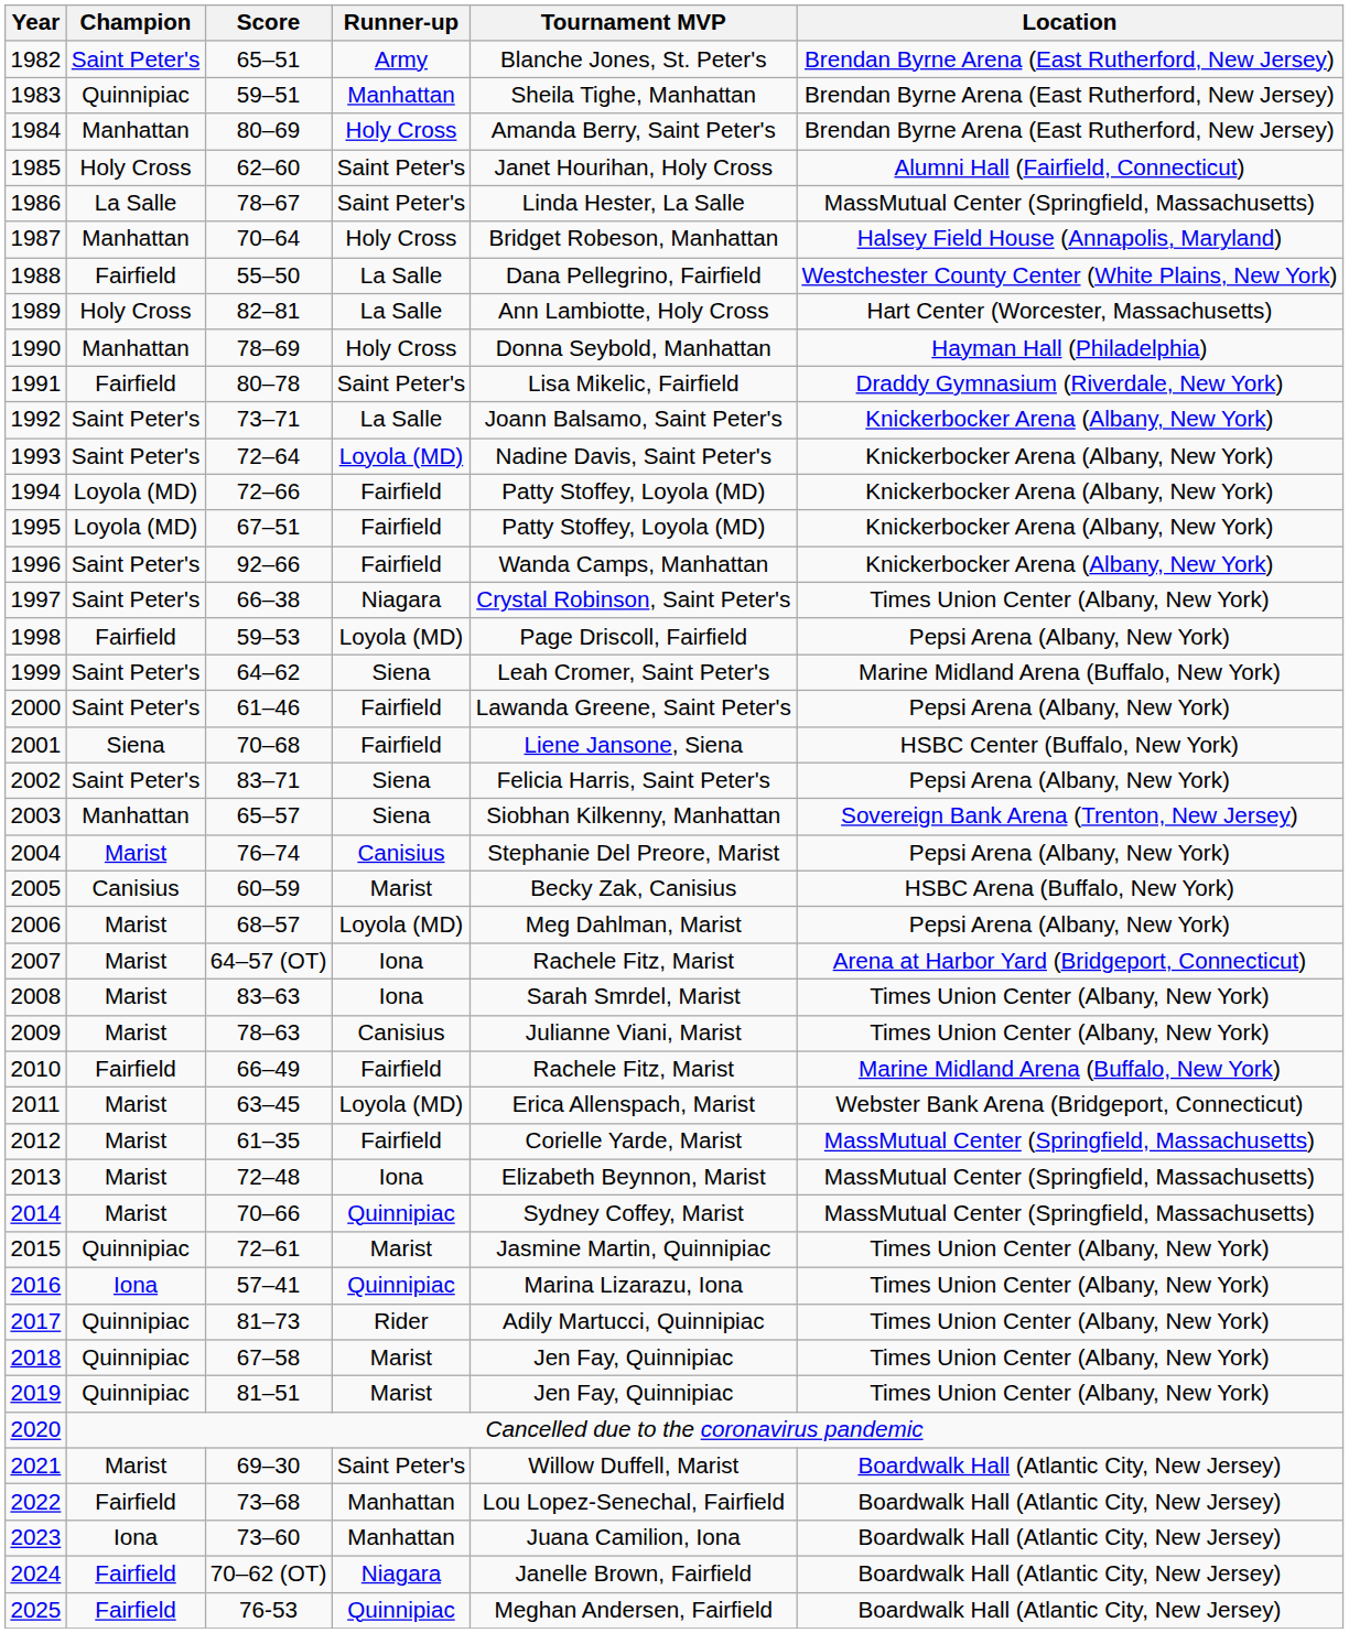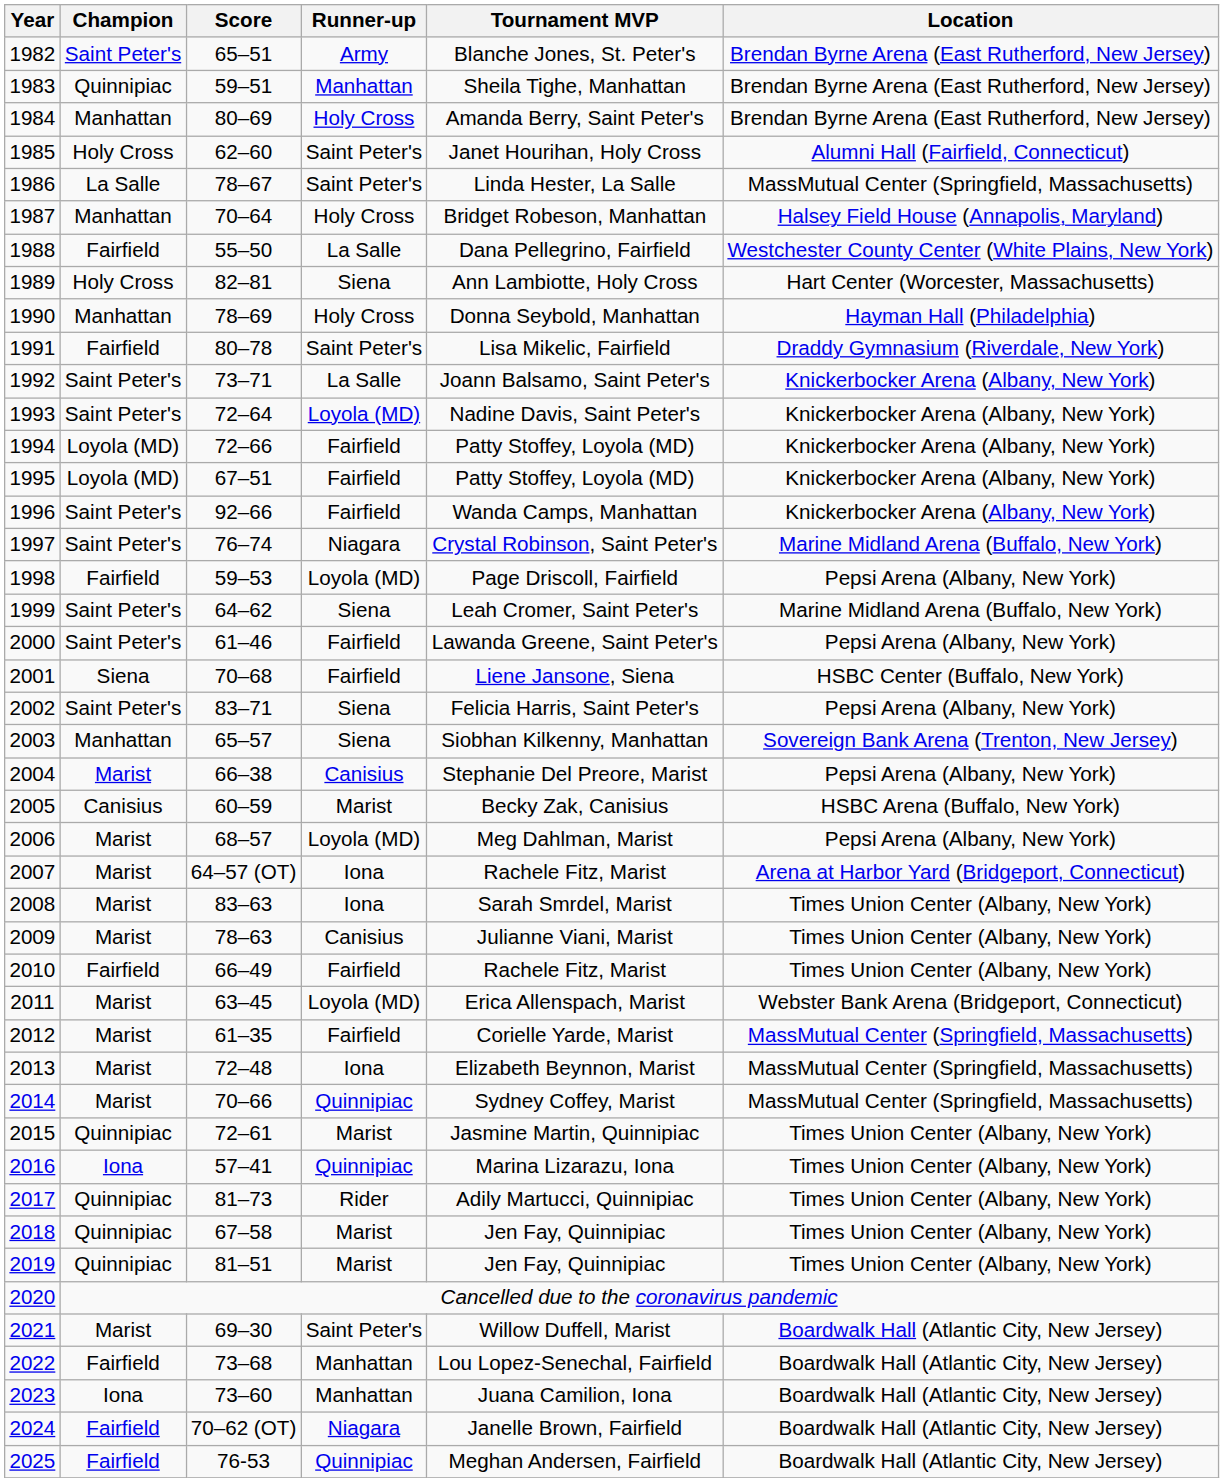 <table class="wikitable sortable" style="text-align:center">
 <tr>
 <th width=px>Year</th>
 <th width=px>Champion</th>
 <th width=px>Score</th>
 <th width=px>Runner-up</th>
 <th width=px>Tournament MVP</th>
 <th width=px>Location</th>
 </tr>
 <tr>
 <td>1982</td>
 <td><a href='#'>Saint Peter's</a></td>
 <td>65–51</td>
 <td><a href='#'>Army</a></td>
 <td>Blanche Jones, St. Peter's</td>
 <td><a href='#'>Brendan Byrne Arena</a> (<a href='#'>East Rutherford, New Jersey</a>)</td>
 </tr>
 <tr>
 <td>1983</td>
 <td>Quinnipiac</td>
 <td>59–51</td>
 <td><a href='#'>Manhattan</a></td>
 <td>Sheila Tighe, Manhattan</td>
 <td>Brendan Byrne Arena (East Rutherford, New Jersey)</td>
 </tr>
 <tr>
 <td>1984</td>
 <td>Manhattan</td>
 <td>80–69</td>
 <td><a href='#'>Holy Cross</a></td>
 <td>Amanda Berry, Saint Peter's</td>
 <td>Brendan Byrne Arena (East Rutherford, New Jersey)</td>
 </tr>
 <tr>
 <td>1985</td>
 <td>Holy Cross</td>
 <td>62–60</td>
 <td>Saint Peter's</td>
 <td>Janet Hourihan, Holy Cross</td>
 <td><a href='#'>Alumni Hall</a> (<a href='#'>Fairfield, Connecticut</a>)</td>
 </tr>
 <tr>
 <td>1986</td>
 <td>La Salle</td>
 <td>78–67</td>
 <td>Saint Peter's</td>
 <td>Linda Hester, La Salle</td>
 <td>MassMutual Center (Springfield, Massachusetts)</td>
 </tr>
 <tr>
 <td>1987</td>
 <td>Manhattan</td>
 <td>70–64</td>
 <td>Holy Cross</td>
 <td>Bridget Robeson, Manhattan</td>
 <td><a href='#'>Halsey Field House</a> (<a href='#'>Annapolis, Maryland</a>)</td>
 </tr>
 <tr>
 <td>1988</td>
 <td>Fairfield</td>
 <td>55–50</td>
 <td>La Salle</td>
 <td>Dana Pellegrino, Fairfield</td>
 <td><a href='#'>Westchester County Center</a> (<a href='#'>White Plains, New York</a>)</td>
 </tr>
 <tr>
 <td>1989</td>
 <td>Holy Cross</td>
 <td>82–81</td>
-<td>La Salle</td>
+<td>Siena</td>
 <td>Ann Lambiotte, Holy Cross</td>
 <td>Hart Center (Worcester, Massachusetts)</td>
 </tr>
 <tr>
 <td>1990</td>
 <td>Manhattan</td>
 <td>78–69</td>
 <td>Holy Cross</td>
 <td>Donna Seybold, Manhattan</td>
 <td><a href='#'>Hayman Hall</a> (<a href='#'>Philadelphia</a>)</td>
 </tr>
 <tr>
 <td>1991</td>
 <td>Fairfield</td>
 <td>80–78</td>
 <td>Saint Peter's</td>
 <td>Lisa Mikelic, Fairfield</td>
 <td><a href='#'>Draddy Gymnasium</a> (<a href='#'>Riverdale, New York</a>)</td>
 </tr>
 <tr>
 <td>1992</td>
 <td>Saint Peter's</td>
 <td>73–71</td>
 <td>La Salle</td>
 <td>Joann Balsamo, Saint Peter's</td>
 <td><a href='#'>Knickerbocker Arena</a> (<a href='#'>Albany, New York</a>)</td>
 </tr>
 <tr>
 <td>1993</td>
 <td>Saint Peter's</td>
 <td>72–64</td>
 <td><a href='#'>Loyola (MD)</a></td>
 <td>Nadine Davis, Saint Peter's</td>
 <td>Knickerbocker Arena (Albany, New York)</td>
 </tr>
 <tr>
 <td>1994</td>
 <td>Loyola (MD)</td>
 <td>72–66</td>
 <td>Fairfield</td>
 <td>Patty Stoffey, Loyola (MD)</td>
 <td>Knickerbocker Arena (Albany, New York)</td>
 </tr>
 <tr>
 <td>1995</td>
 <td>Loyola (MD)</td>
 <td>67–51</td>
 <td>Fairfield</td>
 <td>Patty Stoffey, Loyola (MD)</td>
 <td>Knickerbocker Arena (Albany, New York)</td>
 </tr>
 <tr>
 <td>1996</td>
 <td>Saint Peter's</td>
 <td>92–66</td>
 <td>Fairfield</td>
 <td>Wanda Camps, Manhattan</td>
 <td>Knickerbocker Arena (<a href='#'>Albany, New York</a>)</td>
 </tr>
 <tr>
 <td>1997</td>
 <td>Saint Peter's</td>
-<td>66–38</td>
+<td>76–74</td>
 <td>Niagara</td>
 <td><a href='#'>Crystal Robinson</a>, Saint Peter's</td>
-<td>Times Union Center (Albany, New York)</td>
+<td><a href='#'>Marine Midland Arena</a> (<a href='#'>Buffalo, New York</a>)</td>
 </tr>
 <tr>
 <td>1998</td>
 <td>Fairfield</td>
 <td>59–53</td>
 <td>Loyola (MD)</td>
 <td>Page Driscoll, Fairfield</td>
 <td>Pepsi Arena (Albany, New York)</td>
 </tr>
 <tr>
 <td>1999</td>
 <td>Saint Peter's</td>
 <td>64–62</td>
 <td>Siena</td>
 <td>Leah Cromer, Saint Peter's</td>
 <td>Marine Midland Arena (Buffalo, New York)</td>
 </tr>
 <tr>
 <td>2000</td>
 <td>Saint Peter's</td>
 <td>61–46</td>
 <td>Fairfield</td>
 <td>Lawanda Greene, Saint Peter's</td>
 <td>Pepsi Arena (Albany, New York)</td>
 </tr>
 <tr>
 <td>2001</td>
 <td>Siena</td>
 <td>70–68</td>
 <td>Fairfield</td>
 <td><a href='#'>Liene Jansone</a>, Siena</td>
 <td>HSBC Center (Buffalo, New York)</td>
 </tr>
 <tr>
 <td>2002</td>
 <td>Saint Peter's</td>
 <td>83–71</td>
 <td>Siena</td>
 <td>Felicia Harris, Saint Peter's</td>
 <td>Pepsi Arena (Albany, New York)</td>
 </tr>
 <tr>
 <td>2003</td>
 <td>Manhattan</td>
 <td>65–57</td>
 <td>Siena</td>
 <td>Siobhan Kilkenny, Manhattan</td>
 <td><a href='#'>Sovereign Bank Arena</a> (<a href='#'>Trenton, New Jersey</a>)</td>
 </tr>
 <tr>
 <td>2004</td>
 <td><a href='#'>Marist</a></td>
-<td>76–74</td>
+<td>66–38</td>
 <td><a href='#'>Canisius</a></td>
 <td>Stephanie Del Preore, Marist</td>
 <td>Pepsi Arena (Albany, New York)</td>
 </tr>
 <tr>
 <td>2005</td>
 <td>Canisius</td>
 <td>60–59</td>
 <td>Marist</td>
 <td>Becky Zak, Canisius</td>
 <td>HSBC Arena (Buffalo, New York)</td>
 </tr>
 <tr>
 <td>2006</td>
 <td>Marist</td>
 <td>68–57</td>
 <td>Loyola (MD)</td>
 <td>Meg Dahlman, Marist</td>
 <td>Pepsi Arena (Albany, New York)</td>
 </tr>
 <tr>
 <td>2007</td>
 <td>Marist</td>
 <td>64–57 (OT)</td>
 <td>Iona</td>
 <td>Rachele Fitz, Marist</td>
 <td><a href='#'>Arena at Harbor Yard</a> (<a href='#'>Bridgeport, Connecticut</a>)</td>
 </tr>
 <tr>
 <td>2008</td>
 <td>Marist</td>
 <td>83–63</td>
 <td>Iona</td>
 <td>Sarah Smrdel, Marist</td>
 <td>Times Union Center (Albany, New York)</td>
 </tr>
 <tr>
 <td>2009</td>
 <td>Marist</td>
 <td>78–63</td>
 <td>Canisius</td>
 <td>Julianne Viani, Marist</td>
 <td>Times Union Center (Albany, New York)</td>
 </tr>
 <tr>
 <td>2010</td>
 <td>Fairfield</td>
 <td>66–49</td>
 <td>Fairfield</td>
 <td>Rachele Fitz, Marist</td>
-<td><a href='#'>Marine Midland Arena</a> (<a href='#'>Buffalo, New York</a>)</td>
+<td>Times Union Center (Albany, New York)</td>
 </tr>
 <tr>
 <td>2011</td>
 <td>Marist</td>
 <td>63–45</td>
 <td>Loyola (MD)</td>
 <td>Erica Allenspach, Marist</td>
 <td>Webster Bank Arena (Bridgeport, Connecticut)</td>
 </tr>
 <tr>
 <td>2012</td>
 <td>Marist</td>
 <td>61–35</td>
 <td>Fairfield</td>
 <td>Corielle Yarde, Marist</td>
 <td><a href='#'>MassMutual Center</a> (<a href='#'>Springfield, Massachusetts</a>)</td>
 </tr>
 <tr>
 <td>2013</td>
 <td>Marist</td>
 <td>72–48</td>
 <td>Iona</td>
 <td>Elizabeth Beynnon, Marist</td>
 <td>MassMutual Center (Springfield, Massachusetts)</td>
 </tr>
 <tr>
 <td><a href='#'>2014</a></td>
 <td>Marist</td>
 <td>70–66</td>
 <td><a href='#'>Quinnipiac</a></td>
 <td>Sydney Coffey, Marist</td>
 <td>MassMutual Center (Springfield, Massachusetts)</td>
 </tr>
 <tr>
 <td>2015</td>
 <td>Quinnipiac</td>
 <td>72–61</td>
 <td>Marist</td>
 <td>Jasmine Martin, Quinnipiac</td>
 <td>Times Union Center (Albany, New York)</td>
 </tr>
 <tr>
 <td><a href='#'>2016</a></td>
 <td><a href='#'>Iona</a></td>
 <td>57–41</td>
 <td><a href='#'>Quinnipiac</a></td>
 <td>Marina Lizarazu, Iona</td>
 <td>Times Union Center (Albany, New York)</td>
 </tr>
 <tr>
 <td><a href='#'>2017</a></td>
 <td>Quinnipiac</td>
 <td>81–73</td>
 <td>Rider</td>
 <td>Adily Martucci, Quinnipiac</td>
 <td>Times Union Center (Albany, New York)</td>
 </tr>
 <tr>
 <td><a href='#'>2018</a></td>
 <td>Quinnipiac</td>
 <td>67–58</td>
 <td>Marist</td>
 <td>Jen Fay, Quinnipiac</td>
 <td>Times Union Center (Albany, New York)</td>
 </tr>
 <tr>
 <td><a href='#'>2019</a></td>
 <td>Quinnipiac</td>
 <td>81–51</td>
 <td>Marist</td>
 <td>Jen Fay, Quinnipiac</td>
 <td>Times Union Center (Albany, New York)</td>
 </tr>
 <tr>
 <td><a href='#'>2020</a></td>
 <td colspan="5"><em>Cancelled due to the <a href='#'>coronavirus pandemic</a></em></td>
 </tr>
 <tr>
 <td><a href='#'>2021</a></td>
 <td>Marist</td>
 <td>69–30</td>
 <td>Saint Peter's</td>
 <td>Willow Duffell, Marist</td>
 <td><a href='#'>Boardwalk Hall</a> (Atlantic City, New Jersey)</td>
 </tr>
 <tr>
 <td><a href='#'>2022</a></td>
 <td>Fairfield</td>
 <td>73–68</td>
 <td>Manhattan</td>
 <td>Lou Lopez-Senechal, Fairfield</td>
 <td>Boardwalk Hall (Atlantic City, New Jersey)</td>
 </tr>
 <tr>
 <td><a href='#'>2023</a></td>
 <td>Iona</td>
 <td>73–60</td>
 <td>Manhattan</td>
 <td>Juana Camilion, Iona</td>
 <td>Boardwalk Hall (Atlantic City, New Jersey)</td>
 </tr>
 <tr>
 <td><a href='#'>2024</a></td>
 <td><a href='#'>Fairfield</a></td>
 <td>70–62 (OT)</td>
 <td><a href='#'>Niagara</a></td>
 <td>Janelle Brown, Fairfield</td>
 <td>Boardwalk Hall (Atlantic City, New Jersey)</td>
 </tr>
 <tr>
 <td><a href='#'>2025</a></td>
 <td><a href='#'>Fairfield</a></td>
 <td>76-53</td>
 <td><a href='#'>Quinnipiac</a></td>
 <td>Meghan Andersen, Fairfield</td>
 <td>Boardwalk Hall (Atlantic City, New Jersey)</td>
 </tr>
 </table>
